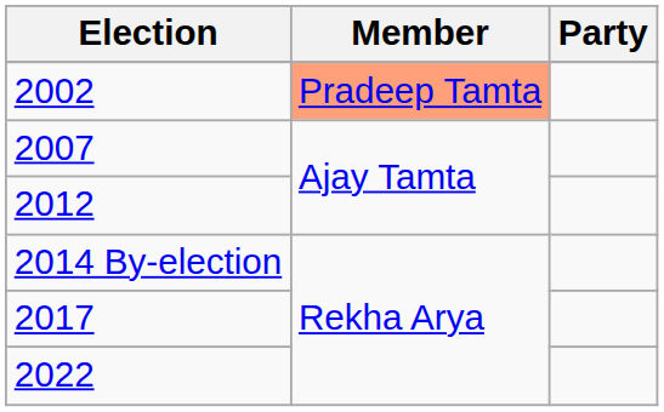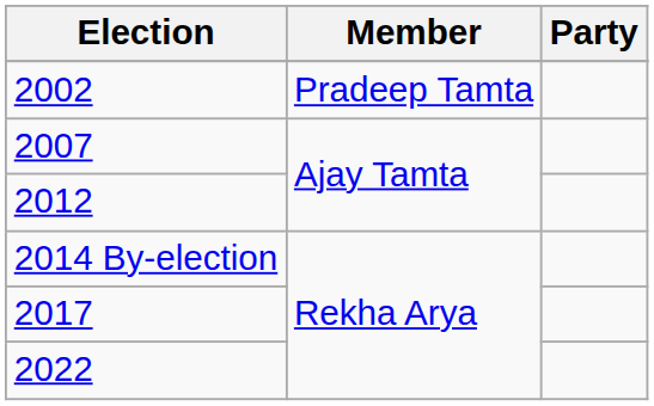 <table class="wikitable sortable">
 <tr>
 <th>Election</th>
 <th>Member</th>
 <th colspan=2>Party</th>
 </tr>
 <tr>
 </tr>
 <tr>
 <td><a href='#'>2002</a></td>
-<td style="background: lightsalmon;"><a href='#'>Pradeep Tamta</a></td>
+<td><a href='#'>Pradeep Tamta</a></td>
 <td></td>
 </tr>
 <tr>
 <td><a href='#'>2007</a></td>
 <td rowspan=2><a href='#'>Ajay Tamta</a></td>
 <td></td>
 </tr>
 <tr>
 <td><a href='#'>2012</a></td>
 </tr>
 <tr>
 <td><a href='#'>2014 By-election</a></td>
 <td rowspan=3><a href='#'>Rekha Arya</a></td>
 <td></td>
 </tr>
 <tr>
 <td><a href='#'>2017</a></td>
 <td></td>
 </tr>
 <tr>
 <td><a href='#'>2022</a></td>
 </tr>
 </table>
